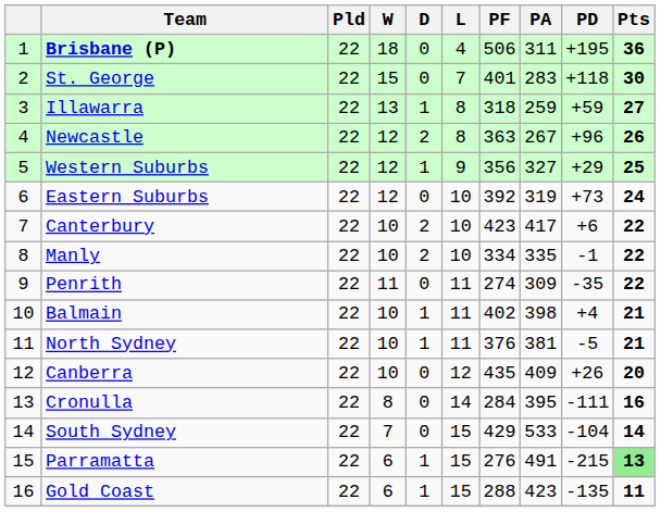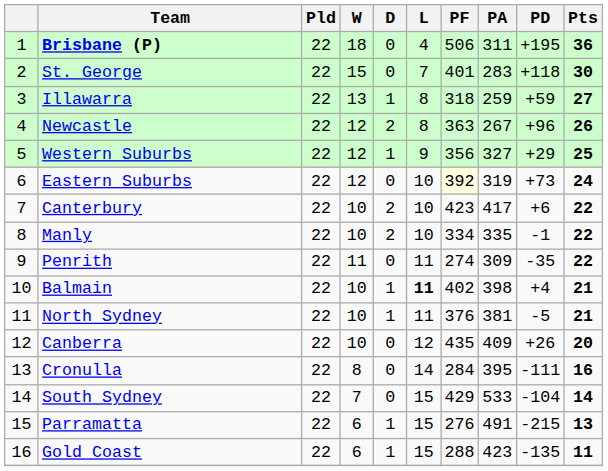 <table class="wikitable" style="text-align:center;">
 <tr>
 <th width=20 abbr="Position×"></th>
 <th width=200>Team</th>
 <th width=20 abbr="Played">Pld</th>
 <th width=20 abbr="Won">W</th>
 <th width=20 abbr="Drawn">D</th>
 <th width=20 abbr="Lost">L</th>
 <th width=20 abbr="Points for">PF</th>
 <th width=20 abbr="Points against">PA</th>
 <th width=20 abbr="Points difference">PD</th>
 <th width=20 abbr="Points">Pts</th>
 </tr>
 <tr style="background: #ccffcc;">
 <td>1</td>
 <td style="text-align:left;"><strong> <a href='#'>Brisbane</a> (P)</strong></td>
 <td>22</td>
 <td>18</td>
 <td>0</td>
 <td>4</td>
 <td>506</td>
 <td>311</td>
 <td>+195</td>
 <td><strong>36</strong></td>
 </tr>
 <tr style="background: #ccffcc;">
 <td>2</td>
 <td style="text-align:left;"> <a href='#'>St. George</a></td>
 <td>22</td>
 <td>15</td>
 <td>0</td>
 <td>7</td>
 <td>401</td>
 <td>283</td>
 <td>+118</td>
 <td><strong>30</strong></td>
 </tr>
 <tr style="background: #ccffcc;">
 <td>3</td>
 <td style="text-align:left;"> <a href='#'>Illawarra</a></td>
 <td>22</td>
 <td>13</td>
 <td>1</td>
 <td>8</td>
 <td>318</td>
 <td>259</td>
 <td>+59</td>
 <td><strong>27</strong></td>
 </tr>
 <tr style="background: #ccffcc;">
 <td>4</td>
 <td style="text-align:left;"> <a href='#'>Newcastle</a></td>
 <td>22</td>
 <td>12</td>
 <td>2</td>
 <td>8</td>
 <td>363</td>
 <td>267</td>
 <td>+96</td>
 <td><strong>26</strong></td>
 </tr>
 <tr style="background: #ccffcc;">
 <td>5</td>
 <td style="text-align:left;"> <a href='#'>Western Suburbs</a></td>
 <td>22</td>
 <td>12</td>
 <td>1</td>
 <td>9</td>
 <td>356</td>
 <td>327</td>
 <td>+29</td>
 <td><strong>25</strong></td>
 </tr>
 <tr>
 <td>6</td>
 <td style="text-align:left;"> <a href='#'>Eastern Suburbs</a></td>
 <td>22</td>
 <td>12</td>
 <td>0</td>
 <td>10</td>
-<td>392</td>
+<td style="background: lightyellow;">392</td>
 <td>319</td>
 <td>+73</td>
 <td><strong>24</strong></td>
 </tr>
 <tr>
 <td>7</td>
 <td style="text-align:left;"> <a href='#'>Canterbury</a></td>
 <td>22</td>
 <td>10</td>
 <td>2</td>
 <td>10</td>
 <td>423</td>
 <td>417</td>
 <td>+6</td>
 <td><strong>22</strong></td>
 </tr>
 <tr>
 <td>8</td>
 <td style="text-align:left;"> <a href='#'>Manly</a></td>
 <td>22</td>
 <td>10</td>
 <td>2</td>
 <td>10</td>
 <td>334</td>
 <td>335</td>
 <td>-1</td>
 <td><strong>22</strong></td>
 </tr>
 <tr>
 <td>9</td>
 <td style="text-align:left;"> <a href='#'>Penrith</a></td>
 <td>22</td>
 <td>11</td>
 <td>0</td>
 <td>11</td>
 <td>274</td>
 <td>309</td>
 <td>-35</td>
 <td><strong>22</strong></td>
 </tr>
 <tr>
 <td>10</td>
 <td style="text-align:left;"> <a href='#'>Balmain</a></td>
 <td>22</td>
 <td>10</td>
 <td>1</td>
-<td>11</td>
+<td><strong>11</strong></td>
 <td>402</td>
 <td>398</td>
 <td>+4</td>
 <td><strong>21</strong></td>
 </tr>
 <tr>
 <td>11</td>
 <td style="text-align:left;"> <a href='#'>North Sydney</a></td>
 <td>22</td>
 <td>10</td>
 <td>1</td>
 <td>11</td>
 <td>376</td>
 <td>381</td>
 <td>-5</td>
 <td><strong>21</strong></td>
 </tr>
 <tr>
 <td>12</td>
 <td style="text-align:left;"> <a href='#'>Canberra</a></td>
 <td>22</td>
 <td>10</td>
 <td>0</td>
 <td>12</td>
 <td>435</td>
 <td>409</td>
 <td>+26</td>
 <td><strong>20</strong></td>
 </tr>
 <tr>
 <td>13</td>
 <td style="text-align:left;"> <a href='#'>Cronulla</a></td>
 <td>22</td>
 <td>8</td>
 <td>0</td>
 <td>14</td>
 <td>284</td>
 <td>395</td>
 <td>-111</td>
 <td><strong>16</strong></td>
 </tr>
 <tr>
 <td>14</td>
 <td style="text-align:left;"> <a href='#'>South Sydney</a></td>
 <td>22</td>
 <td>7</td>
 <td>0</td>
 <td>15</td>
 <td>429</td>
 <td>533</td>
 <td>-104</td>
 <td><strong>14</strong></td>
 </tr>
 <tr>
 <td>15</td>
 <td style="text-align:left;"> <a href='#'>Parramatta</a></td>
 <td>22</td>
 <td>6</td>
 <td>1</td>
 <td>15</td>
 <td>276</td>
 <td>491</td>
 <td>-215</td>
-<td style="background: lightgreen;"><strong>13</strong></td>
+<td><strong>13</strong></td>
 </tr>
 <tr>
 <td>16</td>
 <td style="text-align:left;"> <a href='#'>Gold Coast</a></td>
 <td>22</td>
 <td>6</td>
 <td>1</td>
 <td>15</td>
 <td>288</td>
 <td>423</td>
 <td>-135</td>
 <td><strong>11</strong></td>
 </tr>
 <tr>
 </tr>
 </table>
